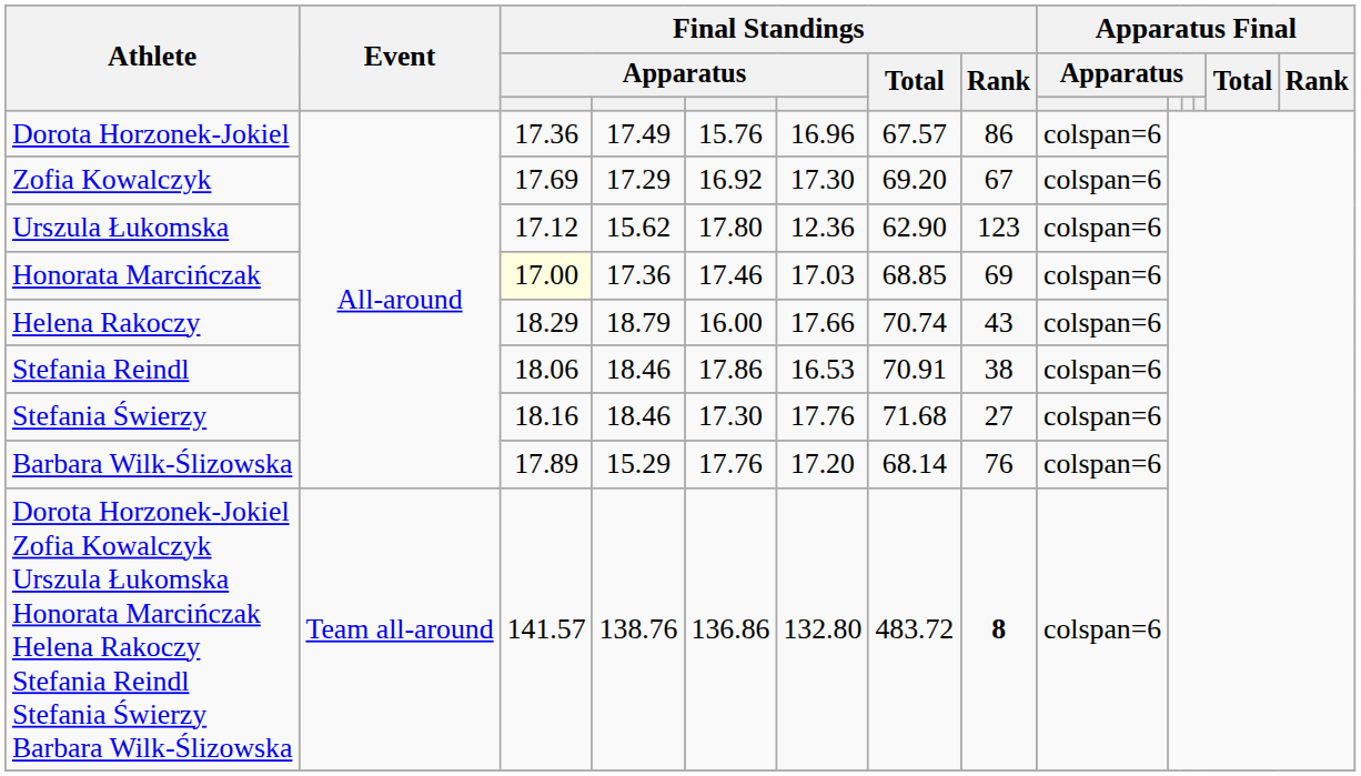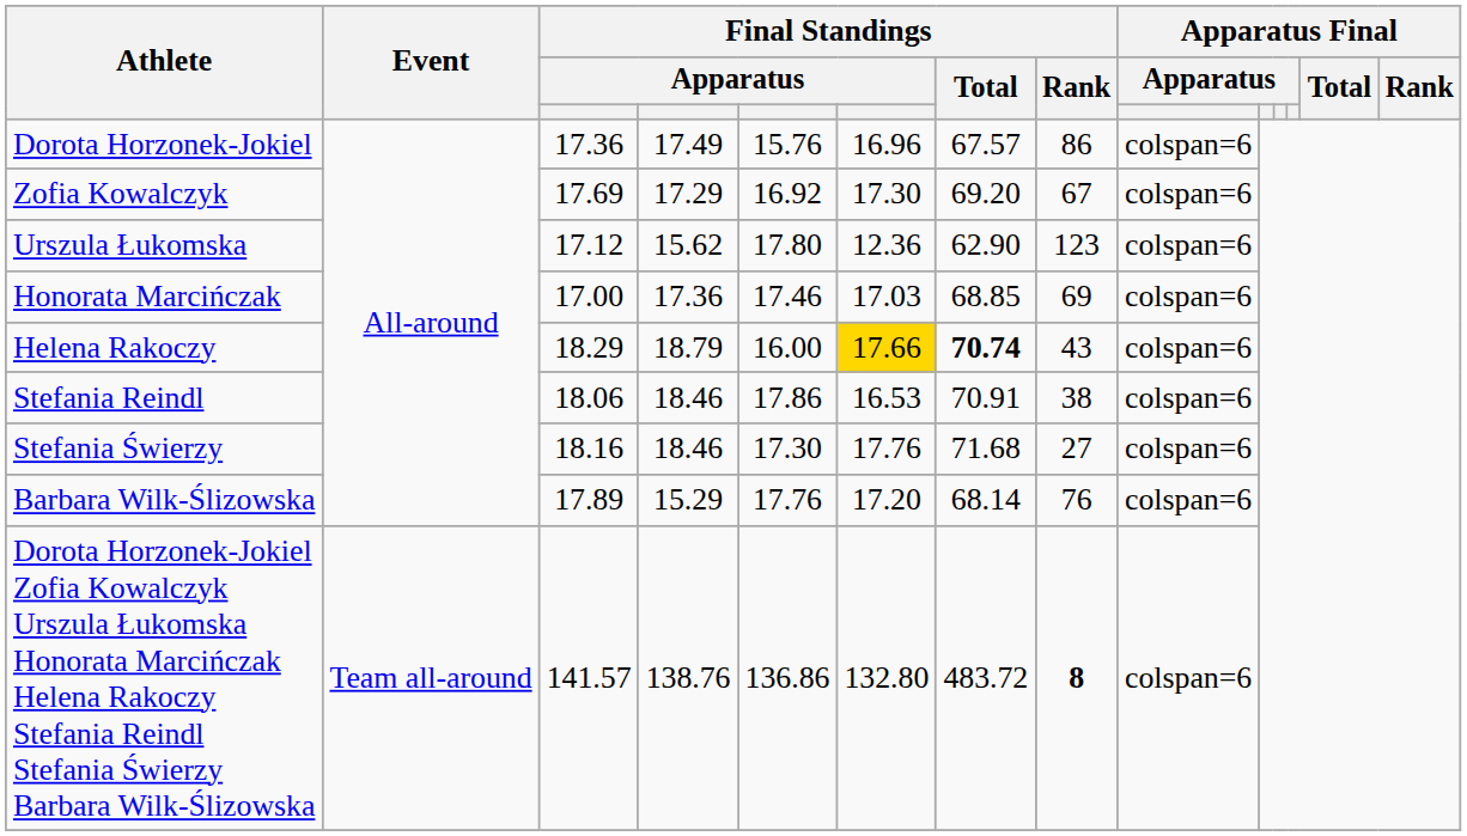 <table class="wikitable" style="font-size:90%">
 <tr>
 <th rowspan="3">Athlete</th>
 <th rowspan="3">Event</th>
 <th colspan =6>Final Standings</th>
 <th colspan =6>Apparatus Final</th>
 </tr>
 <tr style="font-size:95%">
 <th colspan=4>Apparatus</th>
 <th rowspan=2>Total</th>
 <th rowspan=2>Rank</th>
 <th colspan=4>Apparatus</th>
 <th rowspan=2>Total</th>
 <th rowspan=2>Rank</th>
 </tr>
 <tr style="font-size:95%">
 <th></th>
 <th></th>
 <th></th>
 <th></th>
 <th></th>
 <th></th>
 <th></th>
 <th></th>
 </tr>
 <tr align=center>
 <td align=left><a href='#'>Dorota Horzonek-Jokiel</a></td>
 <td rowspan=8><a href='#'>All-around</a></td>
 <td>17.36</td>
 <td>17.49</td>
 <td>15.76</td>
 <td>16.96</td>
 <td>67.57</td>
 <td>86</td>
 <td>colspan=6 </td>
 </tr>
 <tr align=center>
 <td align=left><a href='#'>Zofia Kowalczyk</a></td>
 <td>17.69</td>
 <td>17.29</td>
 <td>16.92</td>
 <td>17.30</td>
 <td>69.20</td>
 <td>67</td>
 <td>colspan=6 </td>
 </tr>
 <tr align=center>
 <td align=left><a href='#'>Urszula Łukomska</a></td>
 <td>17.12</td>
 <td>15.62</td>
 <td>17.80</td>
 <td>12.36</td>
 <td>62.90</td>
 <td>123</td>
 <td>colspan=6 </td>
 </tr>
 <tr align=center>
 <td align=left><a href='#'>Honorata Marcińczak</a></td>
-<td style="background: lightyellow;">17.00</td>
+<td>17.00</td>
 <td>17.36</td>
 <td>17.46</td>
 <td>17.03</td>
 <td>68.85</td>
 <td>69</td>
 <td>colspan=6 </td>
 </tr>
 <tr align=center>
 <td align=left><a href='#'>Helena Rakoczy</a></td>
 <td>18.29</td>
 <td>18.79</td>
 <td>16.00</td>
-<td>17.66</td>
-<td>70.74</td>
+<td style="background: gold;">17.66</td>
+<td><strong>70.74</strong></td>
 <td>43</td>
 <td>colspan=6 </td>
 </tr>
 <tr align=center>
 <td align=left><a href='#'>Stefania Reindl</a></td>
 <td>18.06</td>
 <td>18.46</td>
 <td>17.86</td>
 <td>16.53</td>
 <td>70.91</td>
 <td>38</td>
 <td>colspan=6 </td>
 </tr>
 <tr align=center>
 <td align=left><a href='#'>Stefania Świerzy</a></td>
 <td>18.16</td>
 <td>18.46</td>
 <td>17.30</td>
 <td>17.76</td>
 <td>71.68</td>
 <td>27</td>
 <td>colspan=6 </td>
 </tr>
 <tr align=center>
 <td align=left><a href='#'>Barbara Wilk-Ślizowska</a></td>
 <td>17.89</td>
 <td>15.29</td>
 <td>17.76</td>
 <td>17.20</td>
 <td>68.14</td>
 <td>76</td>
 <td>colspan=6 </td>
 </tr>
 <tr align=center>
 <td align=left><a href='#'>Dorota Horzonek-Jokiel</a><br><a href='#'>Zofia Kowalczyk</a><br><a href='#'>Urszula Łukomska</a><br><a href='#'>Honorata Marcińczak</a><br><a href='#'>Helena Rakoczy</a><br><a href='#'>Stefania Reindl</a><br><a href='#'>Stefania Świerzy</a><br><a href='#'>Barbara Wilk-Ślizowska</a></td>
 <td align=left><a href='#'>Team all-around</a></td>
 <td>141.57</td>
 <td>138.76</td>
 <td>136.86</td>
 <td>132.80</td>
 <td>483.72</td>
 <td><strong>8</strong></td>
 <td>colspan=6 </td>
 </tr>
 </table>
